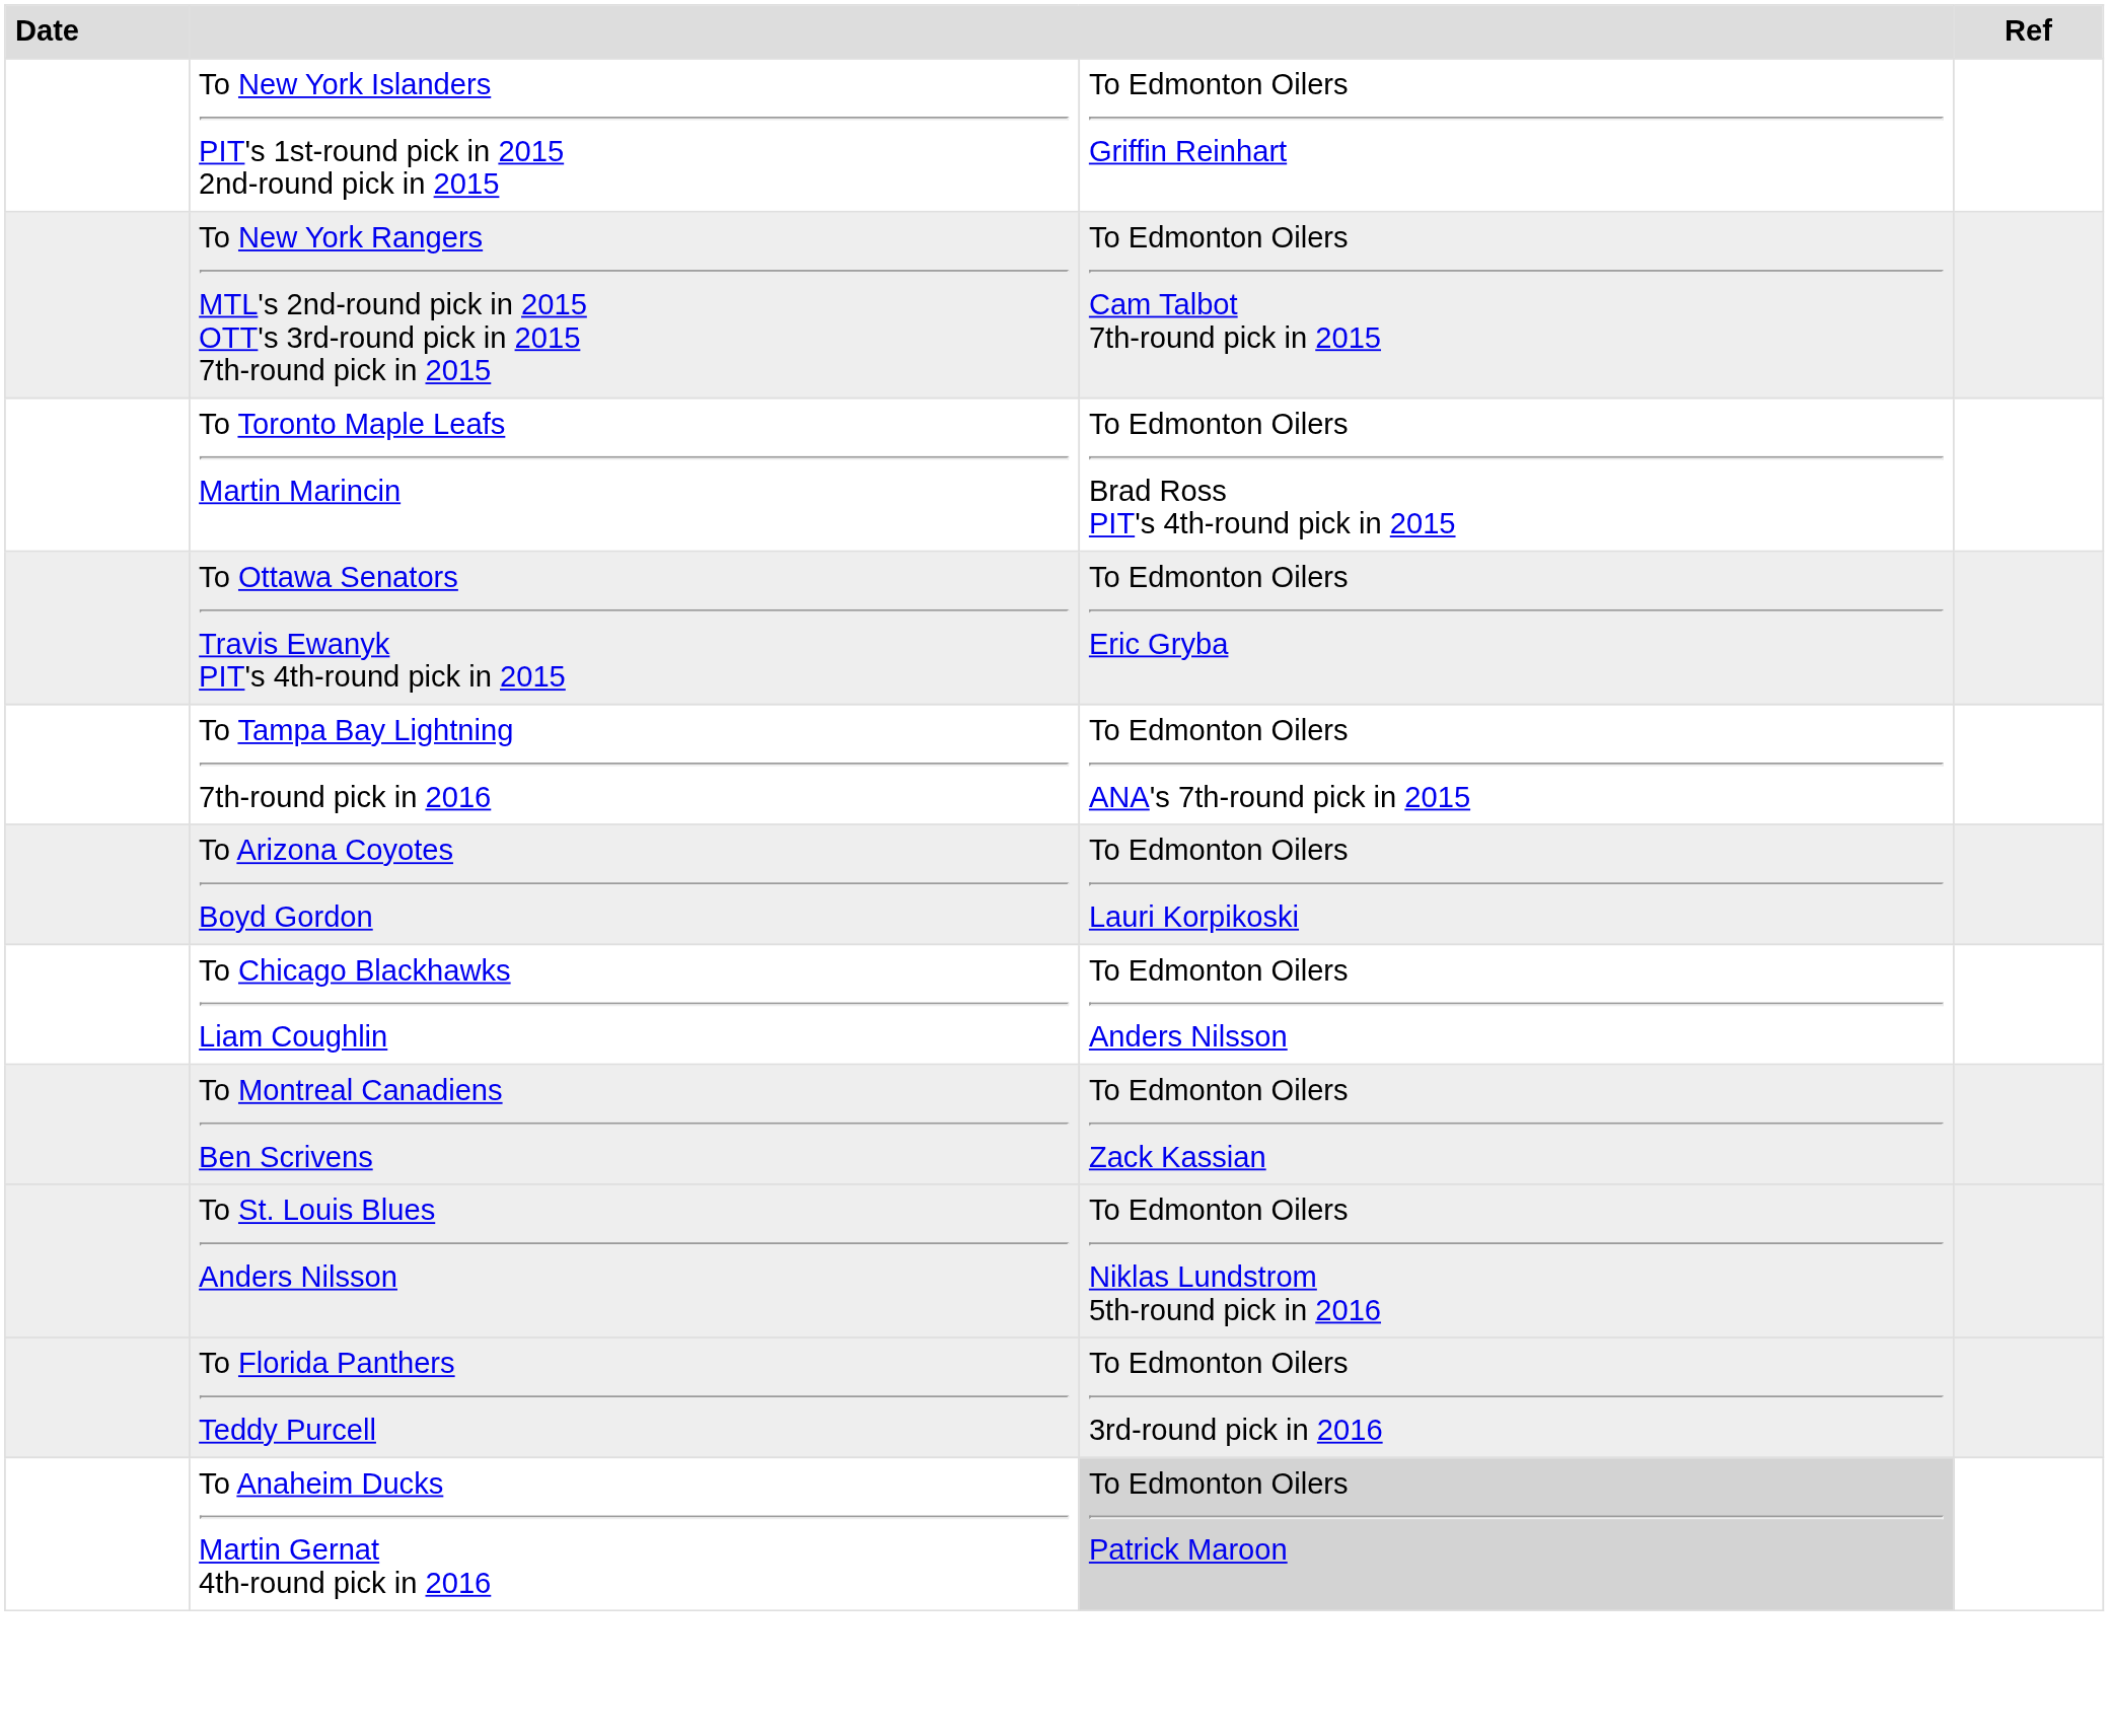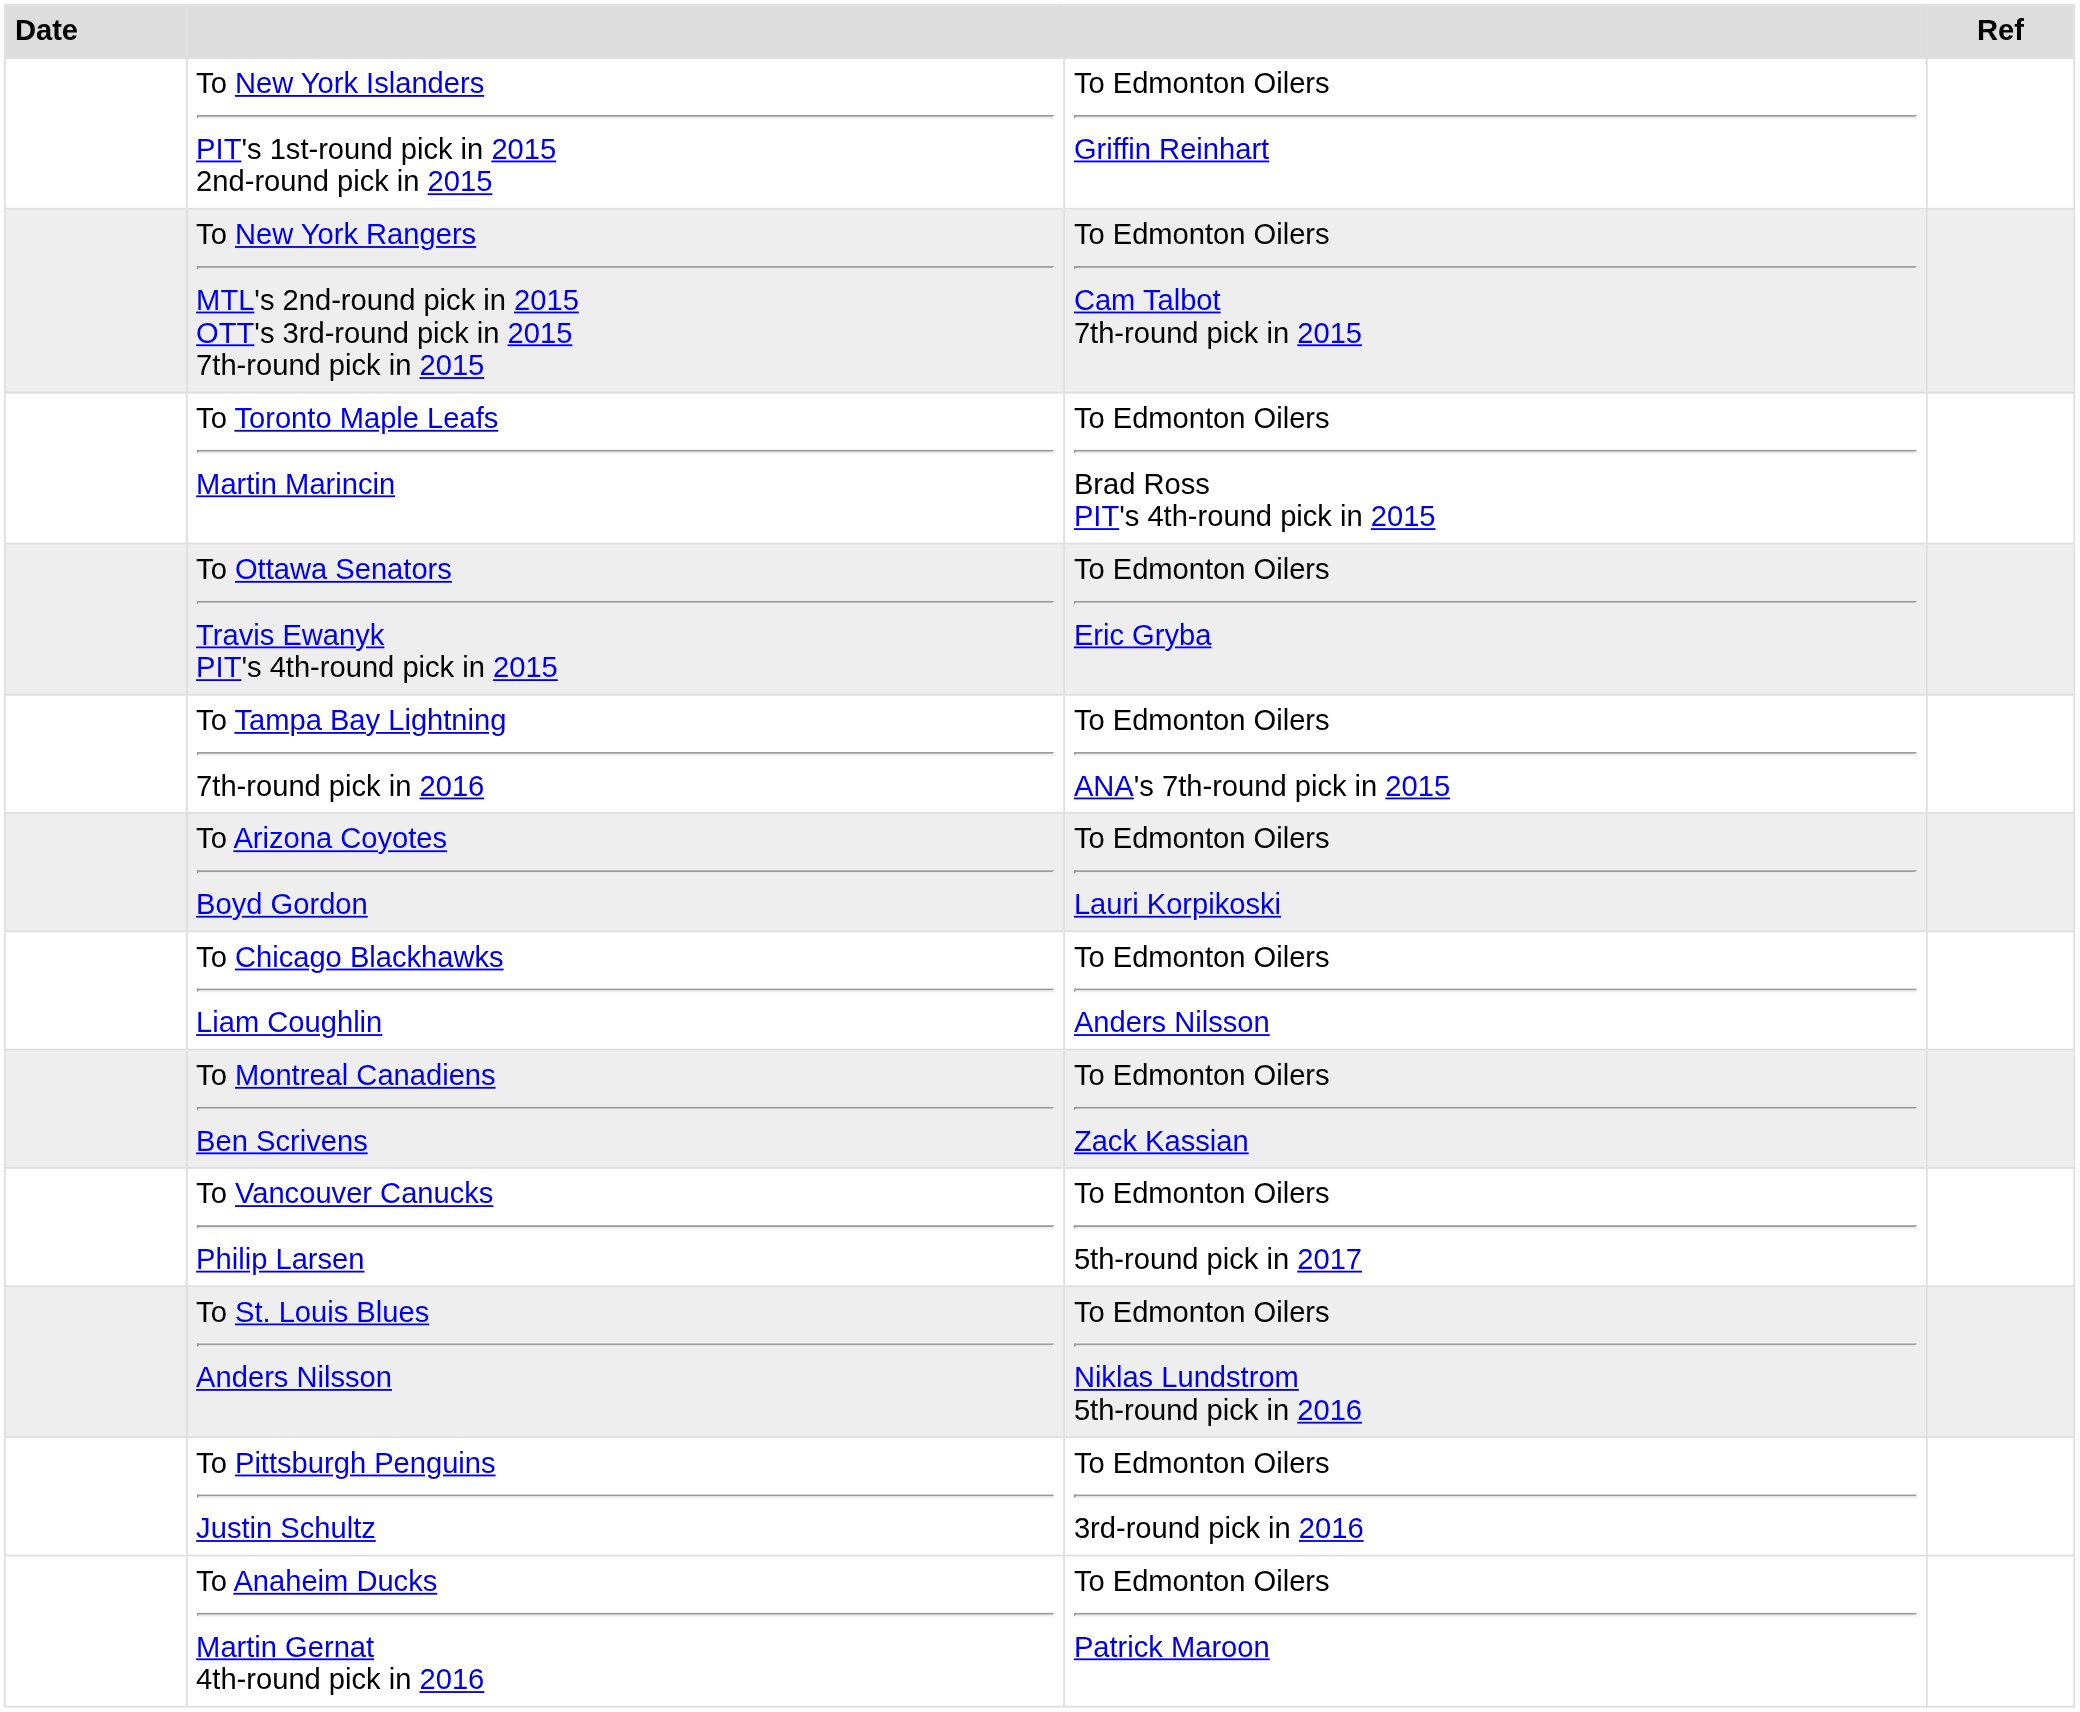 <table border=1 style="border-collapse:collapse" bordercolor="#DFDFDF" cellpadding="5" width=90%>
 <tr bgcolor="#dddddd">
 <td><strong>Date</strong></td>
 <th colspan="2"></th>
 <th><strong>Ref</strong></th>
 </tr>
 <tr>
 <td></td>
 <td valign="top">To <a href='#'>New York Islanders</a> <hr><a href='#'>PIT</a>'s 1st-round pick in <a href='#'>2015</a><br>2nd-round pick in <a href='#'>2015</a></td>
 <td valign="top">To Edmonton Oilers <hr><a href='#'>Griffin Reinhart</a></td>
 <td></td>
 </tr>
 <tr bgcolor="eeeeee">
 <td></td>
 <td valign="top">To <a href='#'>New York Rangers</a> <hr><a href='#'>MTL</a>'s 2nd-round pick in <a href='#'>2015</a><br><a href='#'>OTT</a>'s 3rd-round pick in <a href='#'>2015</a><br>7th-round pick in <a href='#'>2015</a></td>
 <td valign="top">To Edmonton Oilers <hr><a href='#'>Cam Talbot</a><br>7th-round pick in <a href='#'>2015</a></td>
 <td></td>
 </tr>
 <tr>
 <td></td>
 <td valign="top">To <a href='#'>Toronto Maple Leafs</a> <hr><a href='#'>Martin Marincin</a></td>
 <td valign="top">To Edmonton Oilers <hr>Brad Ross<br><a href='#'>PIT</a>'s 4th-round pick in <a href='#'>2015</a></td>
 <td></td>
 </tr>
 <tr bgcolor="eeeeee">
 <td></td>
 <td valign="top">To <a href='#'>Ottawa Senators</a> <hr><a href='#'>Travis Ewanyk</a><br><a href='#'>PIT</a>'s 4th-round pick in <a href='#'>2015</a></td>
 <td valign="top">To Edmonton Oilers <hr><a href='#'>Eric Gryba</a></td>
 <td></td>
 </tr>
 <tr>
 <td></td>
 <td valign="top">To <a href='#'>Tampa Bay Lightning</a> <hr>7th-round pick in <a href='#'>2016</a></td>
 <td valign="top">To Edmonton Oilers <hr><a href='#'>ANA</a>'s 7th-round pick in <a href='#'>2015</a></td>
 <td></td>
 </tr>
 <tr bgcolor="eeeeee">
 <td></td>
 <td valign="top">To <a href='#'>Arizona Coyotes</a> <hr><a href='#'>Boyd Gordon</a></td>
 <td valign="top">To Edmonton Oilers <hr><a href='#'>Lauri Korpikoski</a></td>
 <td></td>
 </tr>
 <tr>
 <td></td>
 <td valign="top">To <a href='#'>Chicago Blackhawks</a> <hr><a href='#'>Liam Coughlin</a></td>
 <td valign="top">To Edmonton Oilers <hr><a href='#'>Anders Nilsson</a></td>
 <td></td>
 </tr>
 <tr bgcolor="eeeeee">
 <td></td>
 <td valign="top">To <a href='#'>Montreal Canadiens</a> <hr><a href='#'>Ben Scrivens</a></td>
 <td valign="top">To Edmonton Oilers <hr><a href='#'>Zack Kassian</a></td>
 <td></td>
 </tr>
+<tr>
+<td></td>
+<td valign="top">To <a href='#'>Vancouver Canucks</a> <hr><a href='#'>Philip Larsen</a></td>
+<td valign="to">To Edmonton Oilers <hr>5th-round pick in <a href='#'>2017</a></td>
+<td></td>
+</tr>
 <tr bgcolor="eeeeee">
 <td></td>
 <td valign="top">To <a href='#'>St. Louis Blues</a> <hr><a href='#'>Anders Nilsson</a></td>
 <td valign="top">To Edmonton Oilers <hr><a href='#'>Niklas Lundstrom</a><br>5th-round pick in <a href='#'>2016</a></td>
 <td></td>
 </tr>
-<tr bgcolor="eeeeee">
+<tr>
 <td></td>
-<td valign="top">To <a href='#'>Florida Panthers</a> <hr><a href='#'>Teddy Purcell</a></td>
+<td valign="top">To <a href='#'>Pittsburgh Penguins</a> <hr><a href='#'>Justin Schultz</a></td>
 <td valign="top">To Edmonton Oilers <hr>3rd-round pick in <a href='#'>2016</a></td>
 <td></td>
 </tr>
 <tr>
 <td></td>
 <td valign="top">To <a href='#'>Anaheim Ducks</a> <hr><a href='#'>Martin Gernat</a><br>4th-round pick in <a href='#'>2016</a></td>
-<td valign="top" style="background: lightgrey;">To Edmonton Oilers <hr><a href='#'>Patrick Maroon</a></td>
+<td valign="top">To Edmonton Oilers <hr><a href='#'>Patrick Maroon</a></td>
 <td></td>
 </tr>
 </table>
